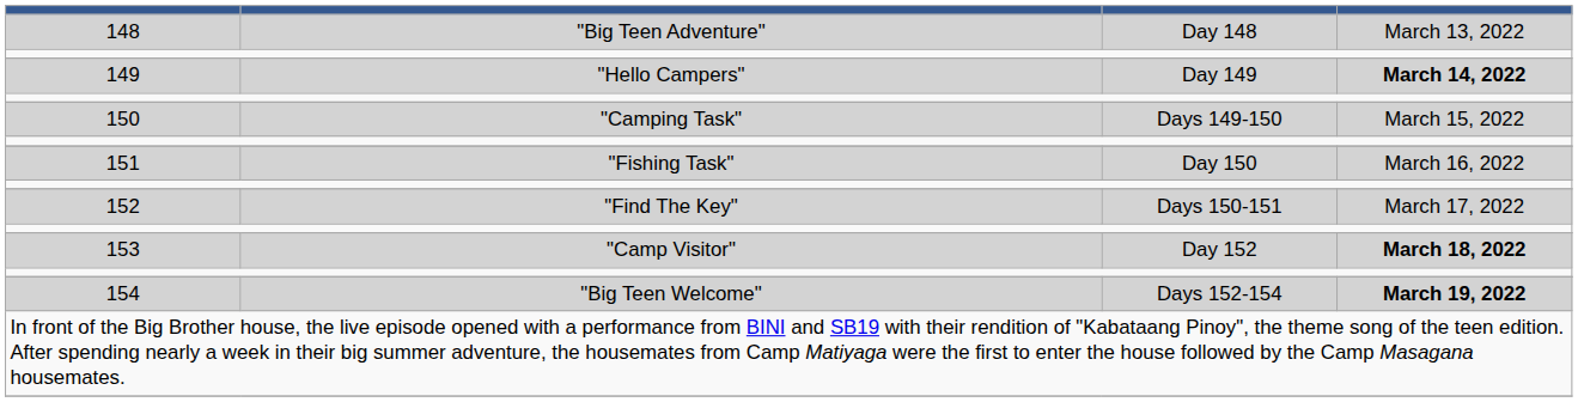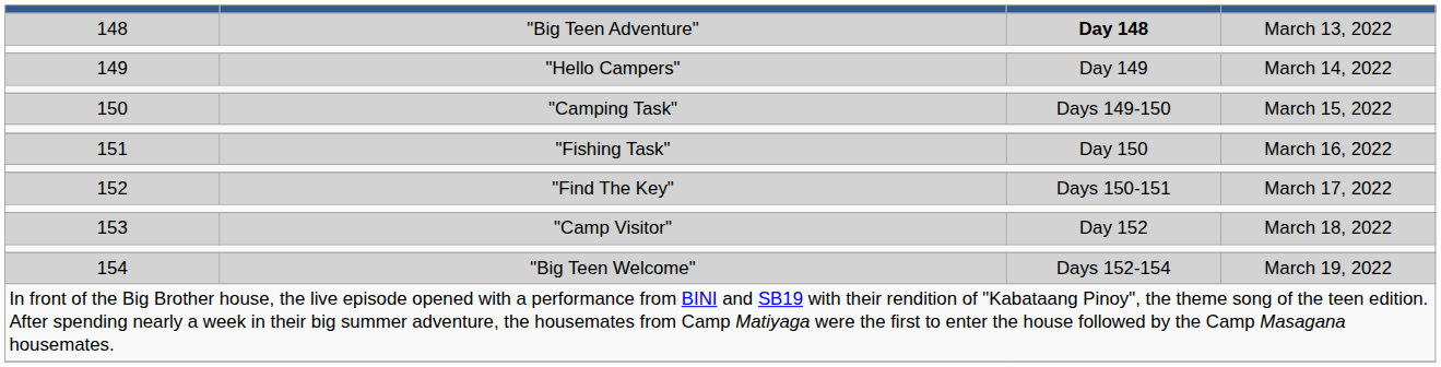 <table class="wikitable sortable" style="font-size:100%; line-height:20px; text-align:center">
 <tr>
 <th width="15%" style="background:#34588F"></th>
 <th width="55%" style="background:#34588F"></th>
 <th width="15%" style="background:#34588F"></th>
 <th width="15%" style="background:#34588F"></th>
 </tr>
 <tr style="background:lightgrey;">
 <td>148</td>
 <td>"Big Teen Adventure"</td>
-<td>Day 148</td>
+<td><strong>Day 148</strong></td>
 <td>March 13, 2022</td>
 </tr>
 <tr>
 <td colspan="4" align="left"></td>
 </tr>
 <tr>
 </tr>
 <tr style="background:lightgrey;">
 <td>149</td>
 <td>"Hello Campers"</td>
 <td>Day 149</td>
-<td><strong>March 14, 2022</strong></td>
+<td>March 14, 2022</td>
 </tr>
 <tr>
 <td colspan="4" align="left"></td>
 </tr>
 <tr>
 </tr>
 <tr style="background:lightgrey;">
 <td>150</td>
 <td>"Camping Task"</td>
 <td>Days 149-150</td>
 <td>March 15, 2022</td>
 </tr>
 <tr>
 <td colspan="4" align="left"></td>
 </tr>
 <tr>
 </tr>
 <tr style="background:lightgrey;">
 <td>151</td>
 <td>"Fishing Task"</td>
 <td>Day 150</td>
 <td>March 16, 2022</td>
 </tr>
 <tr>
 <td colspan="4" align="left"></td>
 </tr>
 <tr>
 </tr>
 <tr style="background:lightgrey;">
 <td>152</td>
 <td>"Find The Key"</td>
 <td>Days 150-151</td>
 <td>March 17, 2022</td>
 </tr>
 <tr>
 <td colspan="4" align="left"></td>
 </tr>
 <tr>
 </tr>
 <tr style="background:lightgrey;">
 <td>153</td>
 <td>"Camp Visitor"</td>
 <td>Day 152</td>
-<td><strong>March 18, 2022</strong></td>
+<td>March 18, 2022</td>
 </tr>
 <tr>
 <td colspan="4" align="left"></td>
 </tr>
 <tr>
 </tr>
 <tr style="background:lightgrey;">
 <td>154</td>
 <td>"Big Teen Welcome"</td>
 <td>Days 152-154</td>
-<td><strong>March 19, 2022</strong></td>
+<td>March 19, 2022</td>
 </tr>
 <tr>
 <td colspan="4" align="left">In front of the Big Brother house, the live episode opened with a performance from <a href='#'>BINI</a> and <a href='#'>SB19</a> with their rendition of "Kabataang Pinoy", the theme song of the teen edition.<br>After spending nearly a week in their big summer adventure, the housemates from Camp <em>Matiyaga</em> were the first to enter the house followed by the Camp <em>Masagana</em> housemates.</td>
 </tr>
 <tr>
 </tr>
 </table>
